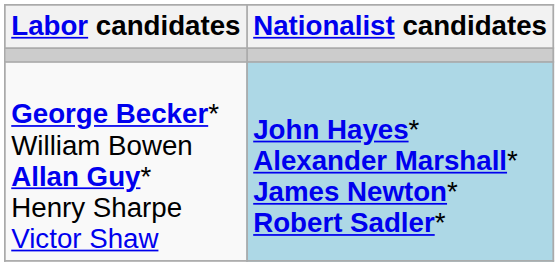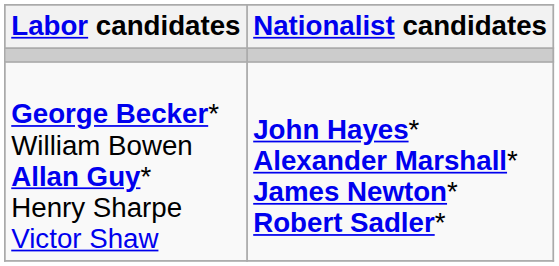 <table class="wikitable">
 <tr>
 <th><a href='#'>Labor</a> candidates</th>
 <th><a href='#'>Nationalist</a> candidates</th>
 </tr>
 <tr bgcolor="#cccccc">
 <td></td>
 <td></td>
 </tr>
 <tr>
 <td><br><strong><a href='#'>George Becker</a></strong>*<br> William Bowen<br> <strong><a href='#'>Allan Guy</a></strong>*<br> Henry Sharpe<br> <a href='#'>Victor Shaw</a></td>
-<td style="background: lightblue;"><br><strong><a href='#'>John Hayes</a></strong>*<br> <strong><a href='#'>Alexander Marshall</a></strong>*<br> <strong><a href='#'>James Newton</a></strong>*<br> <strong><a href='#'>Robert Sadler</a></strong>*</td>
+<td><br><strong><a href='#'>John Hayes</a></strong>*<br> <strong><a href='#'>Alexander Marshall</a></strong>*<br> <strong><a href='#'>James Newton</a></strong>*<br> <strong><a href='#'>Robert Sadler</a></strong>*</td>
 </tr>
 </table>
